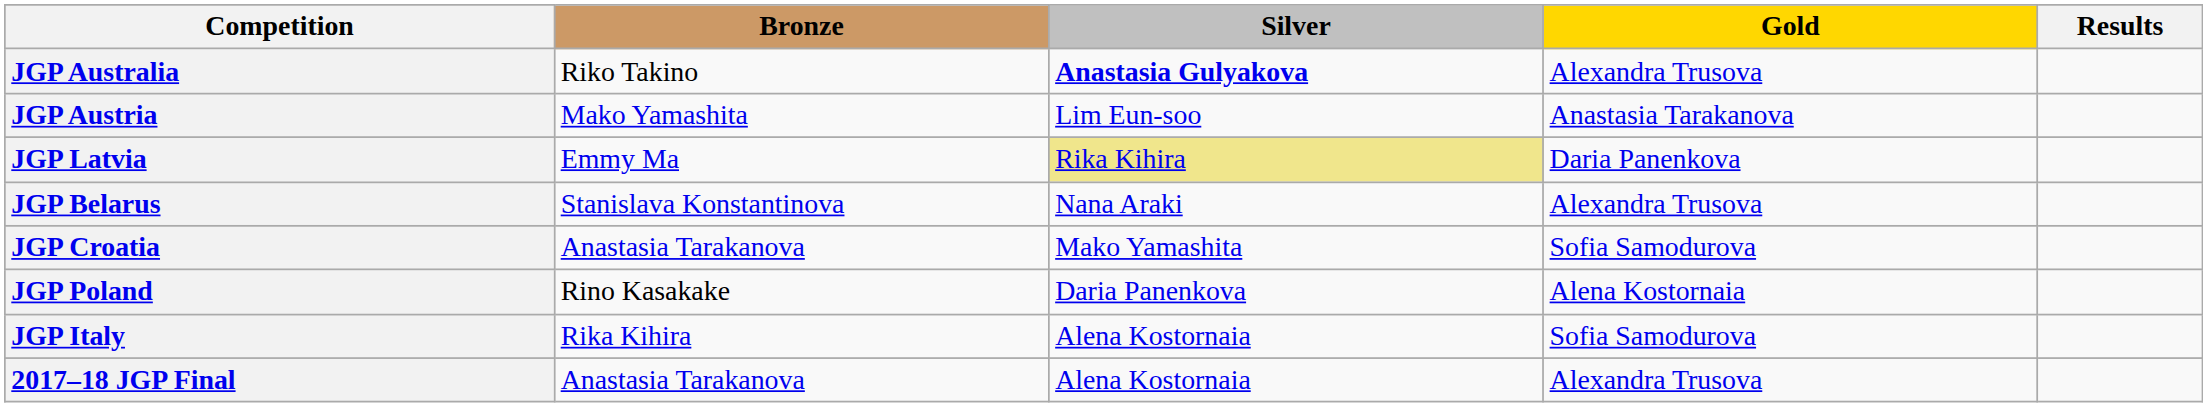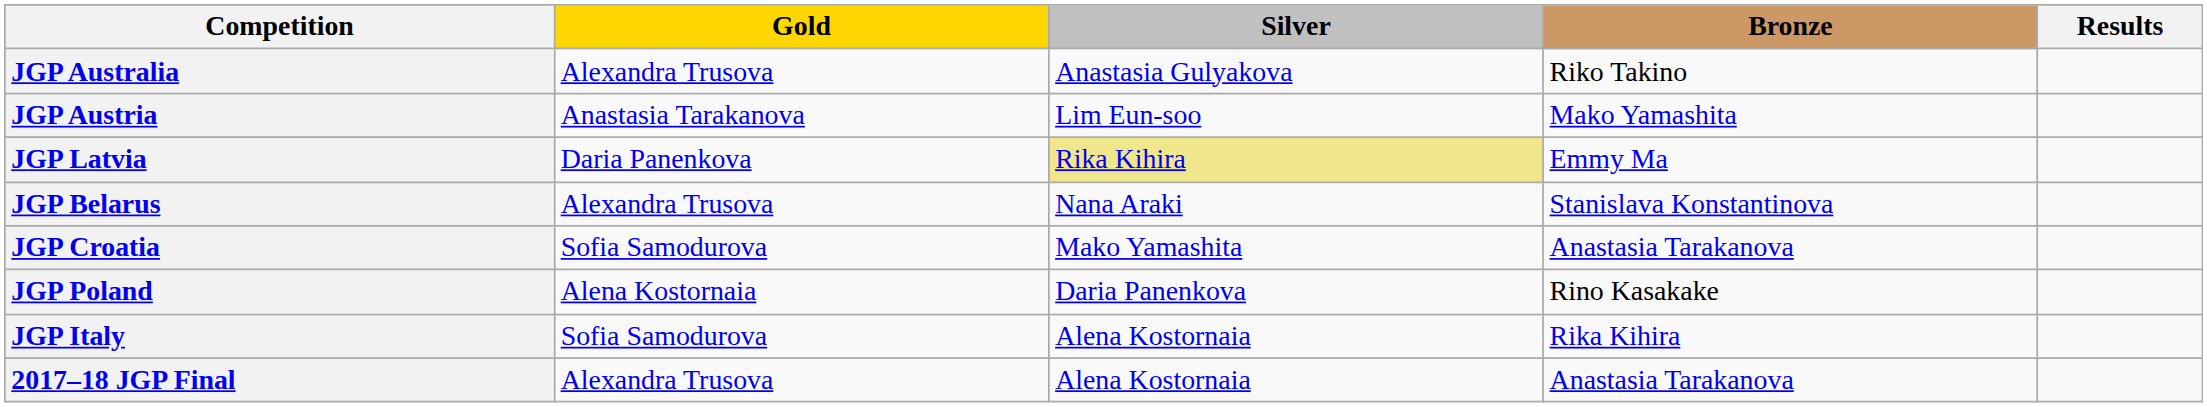 <table class="wikitable unsortable" style="text-align:left; width:100%">
 <tr>
 <th scope="col" style="text-align:center; width:25%;">Competition</th>
+<td scope="col" style="text-align:center; width:22.5%; background:gold"><strong>Gold</strong></td>
+<td scope="col" style="text-align:center; width:22.5%; background:silver"><strong>Silver</strong></td>
 <td scope="col" style="text-align:center; width:22.5%; background:#c96"><strong>Bronze</strong></td>
-<td scope="col" style="text-align:center; width:22.5%; background:silver"><strong>Silver</strong></td>
-<td scope="col" style="text-align:center; width:22.5%; background:gold"><strong>Gold</strong></td>
 <th scope="col" style="text-align:center; width:7.5%;">Results</th>
 </tr>
 <tr>
 <th scope="row" style="text-align:left"> <a href='#'>JGP Australia</a></th>
+<td> <a href='#'>Alexandra Trusova</a></td>
+<td> <a href='#'>Anastasia Gulyakova</a></td>
 <td> Riko Takino</td>
-<td><strong> <a href='#'>Anastasia Gulyakova</a></strong></td>
-<td> <a href='#'>Alexandra Trusova</a></td>
 <td></td>
 </tr>
 <tr>
 <th scope="row" style="text-align:left"> <a href='#'>JGP Austria</a></th>
+<td> <a href='#'>Anastasia Tarakanova</a></td>
+<td> <a href='#'>Lim Eun-soo</a></td>
 <td> <a href='#'>Mako Yamashita</a></td>
-<td> <a href='#'>Lim Eun-soo</a></td>
+<td></td>
+</tr>
+<tr>
+<th scope="row" style="text-align:left"> <a href='#'>JGP Latvia</a></th>
+<td> <a href='#'>Daria Panenkova</a></td>
+<td style="background: khaki;"> <a href='#'>Rika Kihira</a></td>
+<td> <a href='#'>Emmy Ma</a></td>
+<td></td>
+</tr>
+<tr>
+<th scope="row" style="text-align:left"> <a href='#'>JGP Belarus</a></th>
+<td> <a href='#'>Alexandra Trusova</a></td>
+<td> <a href='#'>Nana Araki</a></td>
+<td> <a href='#'>Stanislava Konstantinova</a></td>
+<td></td>
+</tr>
+<tr>
+<th scope="row" style="text-align:left"> <a href='#'>JGP Croatia</a></th>
+<td> <a href='#'>Sofia Samodurova</a></td>
+<td> <a href='#'>Mako Yamashita</a></td>
 <td> <a href='#'>Anastasia Tarakanova</a></td>
 <td></td>
 </tr>
 <tr>
-<th scope="row" style="text-align:left"> <a href='#'>JGP Latvia</a></th>
-<td> <a href='#'>Emmy Ma</a></td>
-<td style="background: khaki;"> <a href='#'>Rika Kihira</a></td>
+<th scope="row" style="text-align:left"> <a href='#'>JGP Poland</a></th>
+<td> <a href='#'>Alena Kostornaia</a></td>
 <td> <a href='#'>Daria Panenkova</a></td>
-<td></td>
-</tr>
-<tr>
-<th scope="row" style="text-align:left"> <a href='#'>JGP Belarus</a></th>
-<td> <a href='#'>Stanislava Konstantinova</a></td>
-<td> <a href='#'>Nana Araki</a></td>
-<td> <a href='#'>Alexandra Trusova</a></td>
-<td></td>
-</tr>
-<tr>
-<th scope="row" style="text-align:left"> <a href='#'>JGP Croatia</a></th>
-<td> <a href='#'>Anastasia Tarakanova</a></td>
-<td> <a href='#'>Mako Yamashita</a></td>
-<td> <a href='#'>Sofia Samodurova</a></td>
-<td></td>
-</tr>
-<tr>
-<th scope="row" style="text-align:left"> <a href='#'>JGP Poland</a></th>
 <td> Rino Kasakake</td>
-<td> <a href='#'>Daria Panenkova</a></td>
-<td> <a href='#'>Alena Kostornaia</a></td>
 <td></td>
 </tr>
 <tr>
 <th scope="row" style="text-align:left"> <a href='#'>JGP Italy</a></th>
+<td> <a href='#'>Sofia Samodurova</a></td>
+<td> <a href='#'>Alena Kostornaia</a></td>
 <td> <a href='#'>Rika Kihira</a></td>
-<td> <a href='#'>Alena Kostornaia</a></td>
-<td> <a href='#'>Sofia Samodurova</a></td>
 <td></td>
 </tr>
 <tr>
 <th scope="row" style="text-align:left"> <a href='#'>2017–18 JGP Final</a></th>
+<td> <a href='#'>Alexandra Trusova</a></td>
+<td> <a href='#'>Alena Kostornaia</a></td>
 <td> <a href='#'>Anastasia Tarakanova</a></td>
-<td> <a href='#'>Alena Kostornaia</a></td>
-<td> <a href='#'>Alexandra Trusova</a></td>
 <td></td>
 </tr>
 </table>
